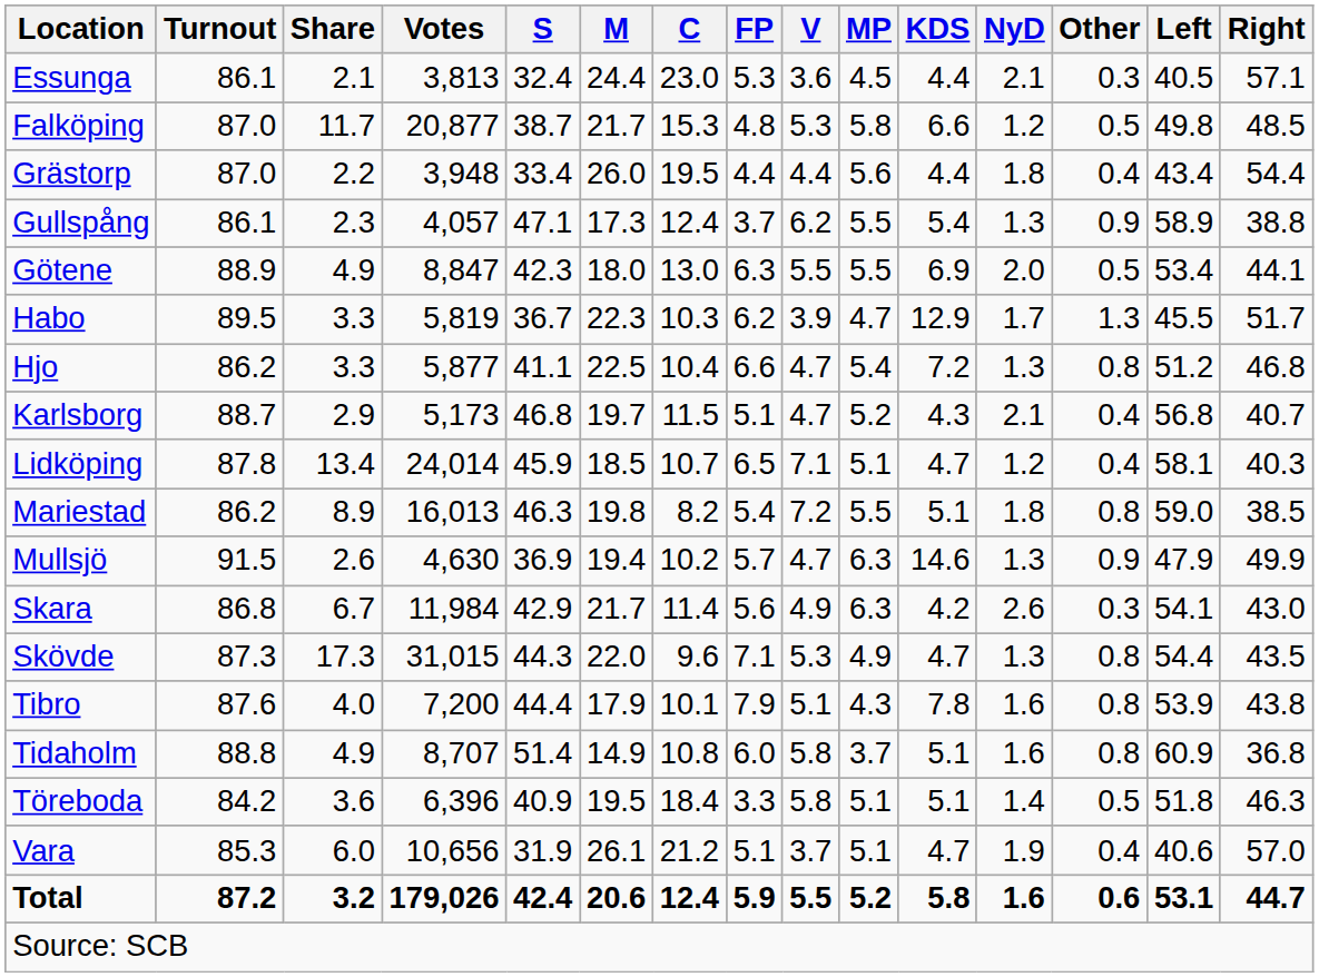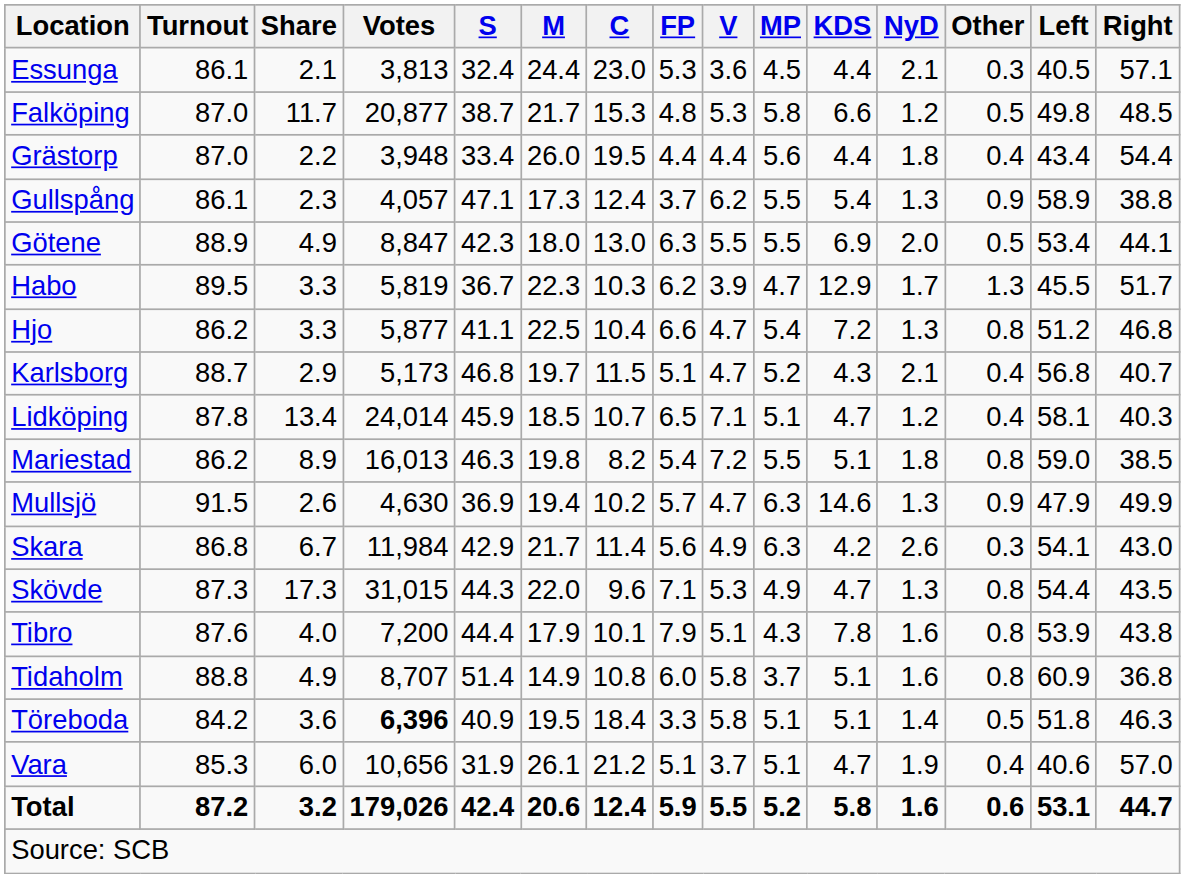 <table class="wikitable sortable" style=text-align:right>
 <tr>
 <th>Location</th>
 <th>Turnout</th>
 <th>Share</th>
 <th>Votes</th>
 <th><a href='#'>S</a></th>
 <th><a href='#'>M</a></th>
 <th><a href='#'>C</a></th>
 <th><a href='#'>FP</a></th>
 <th><a href='#'>V</a></th>
 <th><a href='#'>MP</a></th>
 <th><a href='#'>KDS</a></th>
 <th><a href='#'>NyD</a></th>
 <th>Other</th>
 <th>Left</th>
 <th>Right</th>
 </tr>
 <tr>
 <td align=left><a href='#'>Essunga</a></td>
 <td>86.1</td>
 <td>2.1</td>
 <td>3,813</td>
 <td>32.4</td>
 <td>24.4</td>
 <td>23.0</td>
 <td>5.3</td>
 <td>3.6</td>
 <td>4.5</td>
 <td>4.4</td>
 <td>2.1</td>
 <td>0.3</td>
 <td>40.5</td>
 <td>57.1</td>
 </tr>
 <tr>
 <td align=left><a href='#'>Falköping</a></td>
 <td>87.0</td>
 <td>11.7</td>
 <td>20,877</td>
 <td>38.7</td>
 <td>21.7</td>
 <td>15.3</td>
 <td>4.8</td>
 <td>5.3</td>
 <td>5.8</td>
 <td>6.6</td>
 <td>1.2</td>
 <td>0.5</td>
 <td>49.8</td>
 <td>48.5</td>
 </tr>
 <tr>
 <td align=left><a href='#'>Grästorp</a></td>
 <td>87.0</td>
 <td>2.2</td>
 <td>3,948</td>
 <td>33.4</td>
 <td>26.0</td>
 <td>19.5</td>
 <td>4.4</td>
 <td>4.4</td>
 <td>5.6</td>
 <td>4.4</td>
 <td>1.8</td>
 <td>0.4</td>
 <td>43.4</td>
 <td>54.4</td>
 </tr>
 <tr>
 <td align=left><a href='#'>Gullspång</a></td>
 <td>86.1</td>
 <td>2.3</td>
 <td>4,057</td>
 <td>47.1</td>
 <td>17.3</td>
 <td>12.4</td>
 <td>3.7</td>
 <td>6.2</td>
 <td>5.5</td>
 <td>5.4</td>
 <td>1.3</td>
 <td>0.9</td>
 <td>58.9</td>
 <td>38.8</td>
 </tr>
 <tr>
 <td align=left><a href='#'>Götene</a></td>
 <td>88.9</td>
 <td>4.9</td>
 <td>8,847</td>
 <td>42.3</td>
 <td>18.0</td>
 <td>13.0</td>
 <td>6.3</td>
 <td>5.5</td>
 <td>5.5</td>
 <td>6.9</td>
 <td>2.0</td>
 <td>0.5</td>
 <td>53.4</td>
 <td>44.1</td>
 </tr>
 <tr>
 <td align=left><a href='#'>Habo</a></td>
 <td>89.5</td>
 <td>3.3</td>
 <td>5,819</td>
 <td>36.7</td>
 <td>22.3</td>
 <td>10.3</td>
 <td>6.2</td>
 <td>3.9</td>
 <td>4.7</td>
 <td>12.9</td>
 <td>1.7</td>
 <td>1.3</td>
 <td>45.5</td>
 <td>51.7</td>
 </tr>
 <tr>
 <td align=left><a href='#'>Hjo</a></td>
 <td>86.2</td>
 <td>3.3</td>
 <td>5,877</td>
 <td>41.1</td>
 <td>22.5</td>
 <td>10.4</td>
 <td>6.6</td>
 <td>4.7</td>
 <td>5.4</td>
 <td>7.2</td>
 <td>1.3</td>
 <td>0.8</td>
 <td>51.2</td>
 <td>46.8</td>
 </tr>
 <tr>
 <td align=left><a href='#'>Karlsborg</a></td>
 <td>88.7</td>
 <td>2.9</td>
 <td>5,173</td>
 <td>46.8</td>
 <td>19.7</td>
 <td>11.5</td>
 <td>5.1</td>
 <td>4.7</td>
 <td>5.2</td>
 <td>4.3</td>
 <td>2.1</td>
 <td>0.4</td>
 <td>56.8</td>
 <td>40.7</td>
 </tr>
 <tr>
 <td align=left><a href='#'>Lidköping</a></td>
 <td>87.8</td>
 <td>13.4</td>
 <td>24,014</td>
 <td>45.9</td>
 <td>18.5</td>
 <td>10.7</td>
 <td>6.5</td>
 <td>7.1</td>
 <td>5.1</td>
 <td>4.7</td>
 <td>1.2</td>
 <td>0.4</td>
 <td>58.1</td>
 <td>40.3</td>
 </tr>
 <tr>
 <td align=left><a href='#'>Mariestad</a></td>
 <td>86.2</td>
 <td>8.9</td>
 <td>16,013</td>
 <td>46.3</td>
 <td>19.8</td>
 <td>8.2</td>
 <td>5.4</td>
 <td>7.2</td>
 <td>5.5</td>
 <td>5.1</td>
 <td>1.8</td>
 <td>0.8</td>
 <td>59.0</td>
 <td>38.5</td>
 </tr>
 <tr>
 <td align=left><a href='#'>Mullsjö</a></td>
 <td>91.5</td>
 <td>2.6</td>
 <td>4,630</td>
 <td>36.9</td>
 <td>19.4</td>
 <td>10.2</td>
 <td>5.7</td>
 <td>4.7</td>
 <td>6.3</td>
 <td>14.6</td>
 <td>1.3</td>
 <td>0.9</td>
 <td>47.9</td>
 <td>49.9</td>
 </tr>
 <tr>
 <td align=left><a href='#'>Skara</a></td>
 <td>86.8</td>
 <td>6.7</td>
 <td>11,984</td>
 <td>42.9</td>
 <td>21.7</td>
 <td>11.4</td>
 <td>5.6</td>
 <td>4.9</td>
 <td>6.3</td>
 <td>4.2</td>
 <td>2.6</td>
 <td>0.3</td>
 <td>54.1</td>
 <td>43.0</td>
 </tr>
 <tr>
 <td align=left><a href='#'>Skövde</a></td>
 <td>87.3</td>
 <td>17.3</td>
 <td>31,015</td>
 <td>44.3</td>
 <td>22.0</td>
 <td>9.6</td>
 <td>7.1</td>
 <td>5.3</td>
 <td>4.9</td>
 <td>4.7</td>
 <td>1.3</td>
 <td>0.8</td>
 <td>54.4</td>
 <td>43.5</td>
 </tr>
 <tr>
 <td align=left><a href='#'>Tibro</a></td>
 <td>87.6</td>
 <td>4.0</td>
 <td>7,200</td>
 <td>44.4</td>
 <td>17.9</td>
 <td>10.1</td>
 <td>7.9</td>
 <td>5.1</td>
 <td>4.3</td>
 <td>7.8</td>
 <td>1.6</td>
 <td>0.8</td>
 <td>53.9</td>
 <td>43.8</td>
 </tr>
 <tr>
 <td align=left><a href='#'>Tidaholm</a></td>
 <td>88.8</td>
 <td>4.9</td>
 <td>8,707</td>
 <td>51.4</td>
 <td>14.9</td>
 <td>10.8</td>
 <td>6.0</td>
 <td>5.8</td>
 <td>3.7</td>
 <td>5.1</td>
 <td>1.6</td>
 <td>0.8</td>
 <td>60.9</td>
 <td>36.8</td>
 </tr>
 <tr>
 <td align=left><a href='#'>Töreboda</a></td>
 <td>84.2</td>
 <td>3.6</td>
-<td>6,396</td>
+<td><strong>6,396</strong></td>
 <td>40.9</td>
 <td>19.5</td>
 <td>18.4</td>
 <td>3.3</td>
 <td>5.8</td>
 <td>5.1</td>
 <td>5.1</td>
 <td>1.4</td>
 <td>0.5</td>
 <td>51.8</td>
 <td>46.3</td>
 </tr>
 <tr>
 <td align=left><a href='#'>Vara</a></td>
 <td>85.3</td>
 <td>6.0</td>
 <td>10,656</td>
 <td>31.9</td>
 <td>26.1</td>
 <td>21.2</td>
 <td>5.1</td>
 <td>3.7</td>
 <td>5.1</td>
 <td>4.7</td>
 <td>1.9</td>
 <td>0.4</td>
 <td>40.6</td>
 <td>57.0</td>
 </tr>
 <tr>
 <td align=left><strong>Total</strong></td>
 <td><strong>87.2</strong></td>
 <td><strong>3.2</strong></td>
 <td><strong>179,026</strong></td>
 <td><strong>42.4</strong></td>
 <td><strong>20.6</strong></td>
 <td><strong>12.4</strong></td>
 <td><strong>5.9</strong></td>
 <td><strong>5.5</strong></td>
 <td><strong>5.2</strong></td>
 <td><strong>5.8</strong></td>
 <td><strong>1.6</strong></td>
 <td><strong>0.6</strong></td>
 <td><strong>53.1</strong></td>
 <td><strong>44.7</strong></td>
 </tr>
 <tr>
 <td align=left colspan=15>Source: SCB </td>
 </tr>
 </table>
